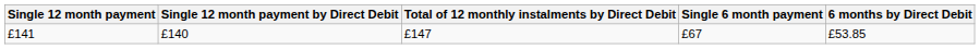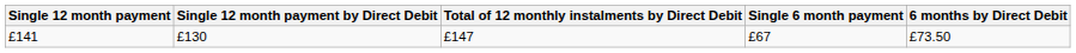 <table class="wikitable">
 <tr>
 <th>Single 12 month payment</th>
 <th>Single 12 month payment by Direct Debit</th>
 <th>Total of 12 monthly instalments by Direct Debit</th>
 <th>Single 6 month payment</th>
 <th>6 months by Direct Debit</th>
 </tr>
 <tr>
 <td>£141</td>
-<td>£140</td>
+<td>£130</td>
 <td>£147</td>
 <td>£67</td>
-<td>£53.85</td>
+<td>£73.50</td>
 </tr>
 </table>
